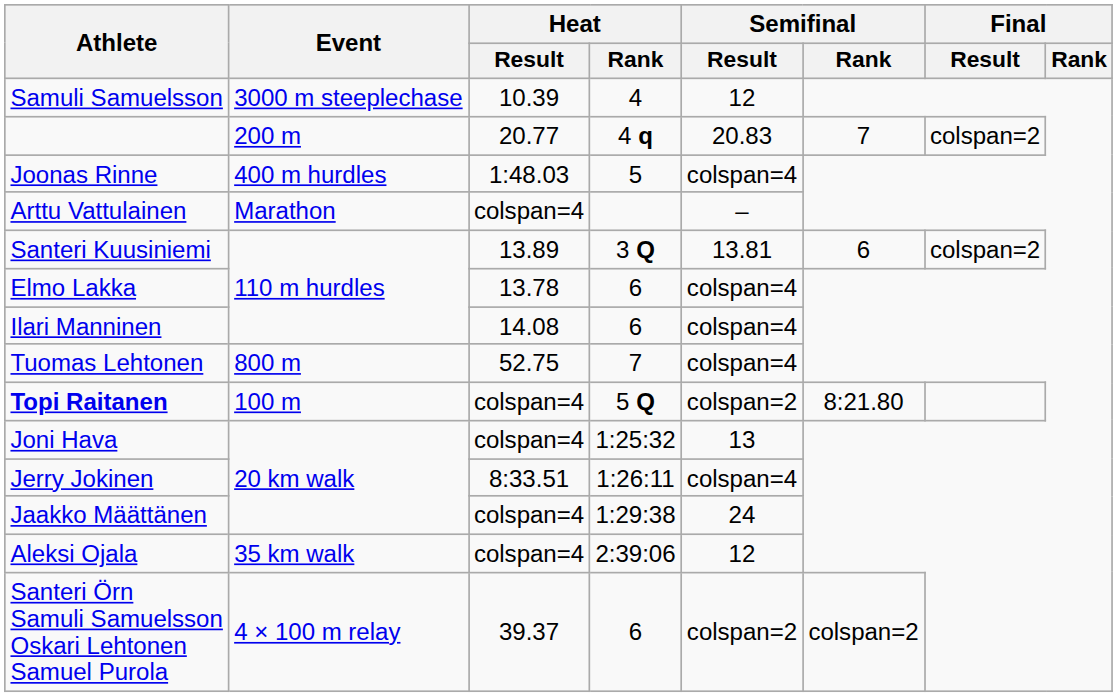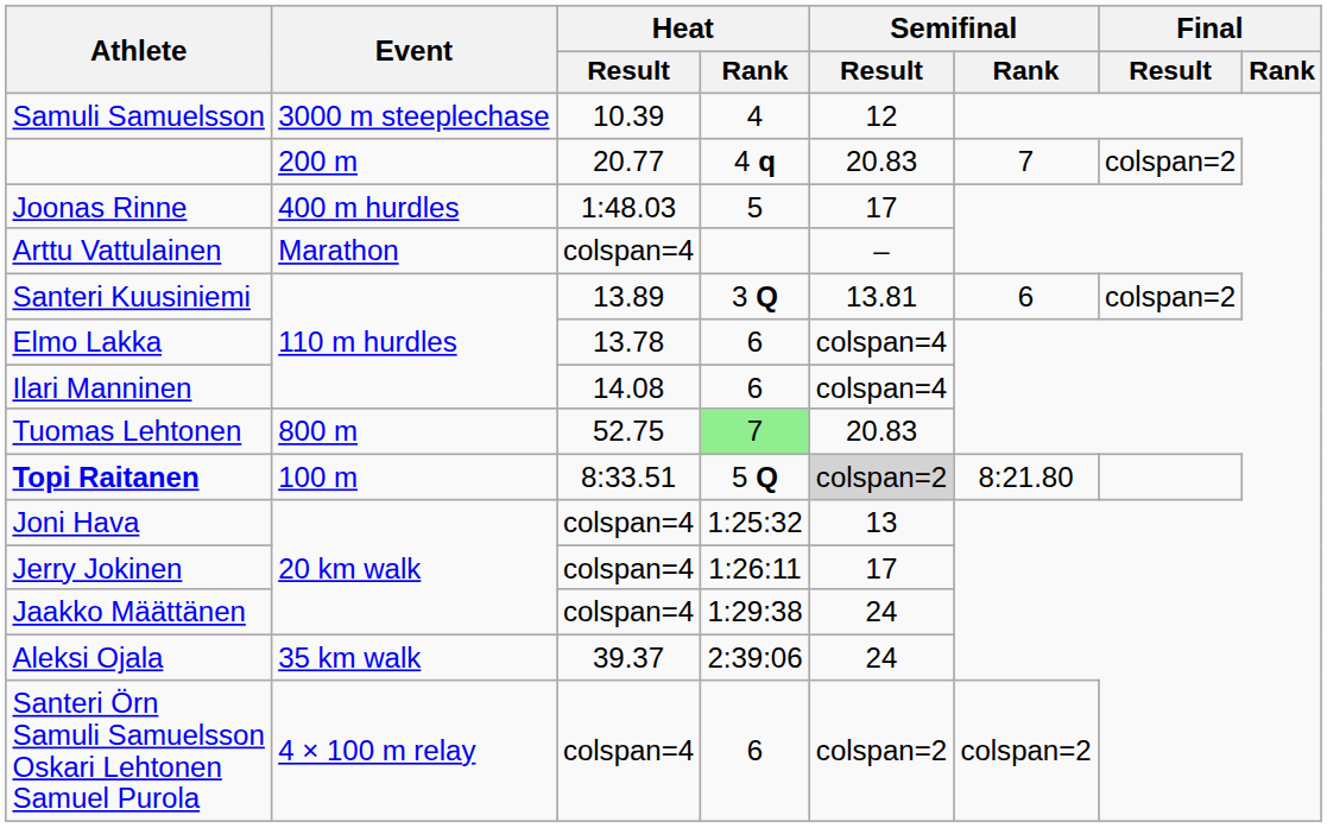 <table class="wikitable" style="font-size:90%">
 <tr>
 <th rowspan="2">Athlete</th>
 <th rowspan="2">Event</th>
 <th colspan="2">Heat</th>
 <th colspan="2">Semifinal</th>
 <th colspan="2">Final</th>
 </tr>
 <tr style="font-size:95%">
 <th>Result</th>
 <th>Rank</th>
 <th>Result</th>
 <th>Rank</th>
 <th>Result</th>
 <th>Rank</th>
 </tr>
 <tr align=center>
 <td align=left><a href='#'>Samuli Samuelsson</a></td>
 <td align=left><a href='#'>3000 m steeplechase</a></td>
 <td>10.39</td>
 <td>4</td>
 <td>12</td>
 </tr>
 <tr align=center>
 <td align=left></td>
 <td align=left><a href='#'>200 m</a></td>
 <td>20.77</td>
 <td>4 <strong>q</strong></td>
 <td>20.83</td>
 <td>7</td>
 <td>colspan=2 </td>
 </tr>
 <tr align=center>
 <td align=left><a href='#'>Joonas Rinne</a></td>
 <td align=left><a href='#'>400 m hurdles</a></td>
 <td>1:48.03</td>
 <td>5</td>
-<td>colspan=4 </td>
+<td>17</td>
 </tr>
 <tr align=center>
 <td align=left><a href='#'>Arttu Vattulainen</a></td>
 <td align=left><a href='#'>Marathon</a></td>
 <td>colspan=4 </td>
 <td></td>
 <td>–</td>
 </tr>
 <tr align=center>
 <td align=left><a href='#'>Santeri Kuusiniemi</a></td>
 <td align=left rowspan=3><a href='#'>110 m hurdles</a></td>
 <td>13.89</td>
 <td>3 <strong>Q</strong></td>
 <td>13.81</td>
 <td>6</td>
 <td>colspan=2 </td>
 </tr>
 <tr align=center>
 <td align=left><a href='#'>Elmo Lakka</a></td>
 <td>13.78</td>
 <td>6</td>
 <td>colspan=4 </td>
 </tr>
 <tr align=center>
 <td align=left><a href='#'>Ilari Manninen</a></td>
 <td>14.08</td>
 <td>6</td>
 <td>colspan=4 </td>
 </tr>
 <tr align=center>
 <td align=left><a href='#'>Tuomas Lehtonen</a></td>
 <td align=left><a href='#'>800 m</a></td>
 <td>52.75</td>
-<td>7</td>
-<td>colspan=4 </td>
+<td style="background: lightgreen;">7</td>
+<td>20.83</td>
 </tr>
 <tr align=center>
 <td align=left><strong><a href='#'>Topi Raitanen</a></strong></td>
 <td align=left><a href='#'>100 m</a></td>
-<td>colspan=4 </td>
+<td>8:33.51</td>
 <td>5 <strong>Q</strong></td>
-<td>colspan=2 </td>
+<td style="background: lightgrey;">colspan=2 </td>
 <td>8:21.80</td>
 <td></td>
 </tr>
 <tr align=center>
 <td align=left><a href='#'>Joni Hava</a></td>
 <td align=left rowspan=3><a href='#'>20 km walk</a></td>
 <td>colspan=4 </td>
 <td>1:25:32</td>
 <td>13</td>
 </tr>
 <tr align=center>
 <td align=left><a href='#'>Jerry Jokinen</a></td>
-<td>8:33.51</td>
+<td>colspan=4 </td>
 <td>1:26:11 </td>
-<td>colspan=4 </td>
+<td>17</td>
 </tr>
 <tr align=center>
 <td align=left><a href='#'>Jaakko Määttänen</a></td>
 <td>colspan=4 </td>
 <td>1:29:38</td>
 <td>24</td>
 </tr>
 <tr align=center>
 <td align=left><a href='#'>Aleksi Ojala</a></td>
 <td align=left><a href='#'>35 km walk</a></td>
-<td>colspan=4 </td>
+<td>39.37</td>
 <td>2:39:06</td>
-<td>12</td>
+<td>24</td>
 </tr>
 <tr align=center>
 <td align=left><a href='#'>Santeri Örn</a><br><a href='#'>Samuli Samuelsson</a><br><a href='#'>Oskari Lehtonen</a><br><a href='#'>Samuel Purola</a></td>
 <td align=left><a href='#'>4 × 100 m relay</a></td>
-<td>39.37</td>
+<td>colspan=4 </td>
 <td>6</td>
 <td>colspan=2 </td>
 <td>colspan=2 </td>
 </tr>
 </table>
